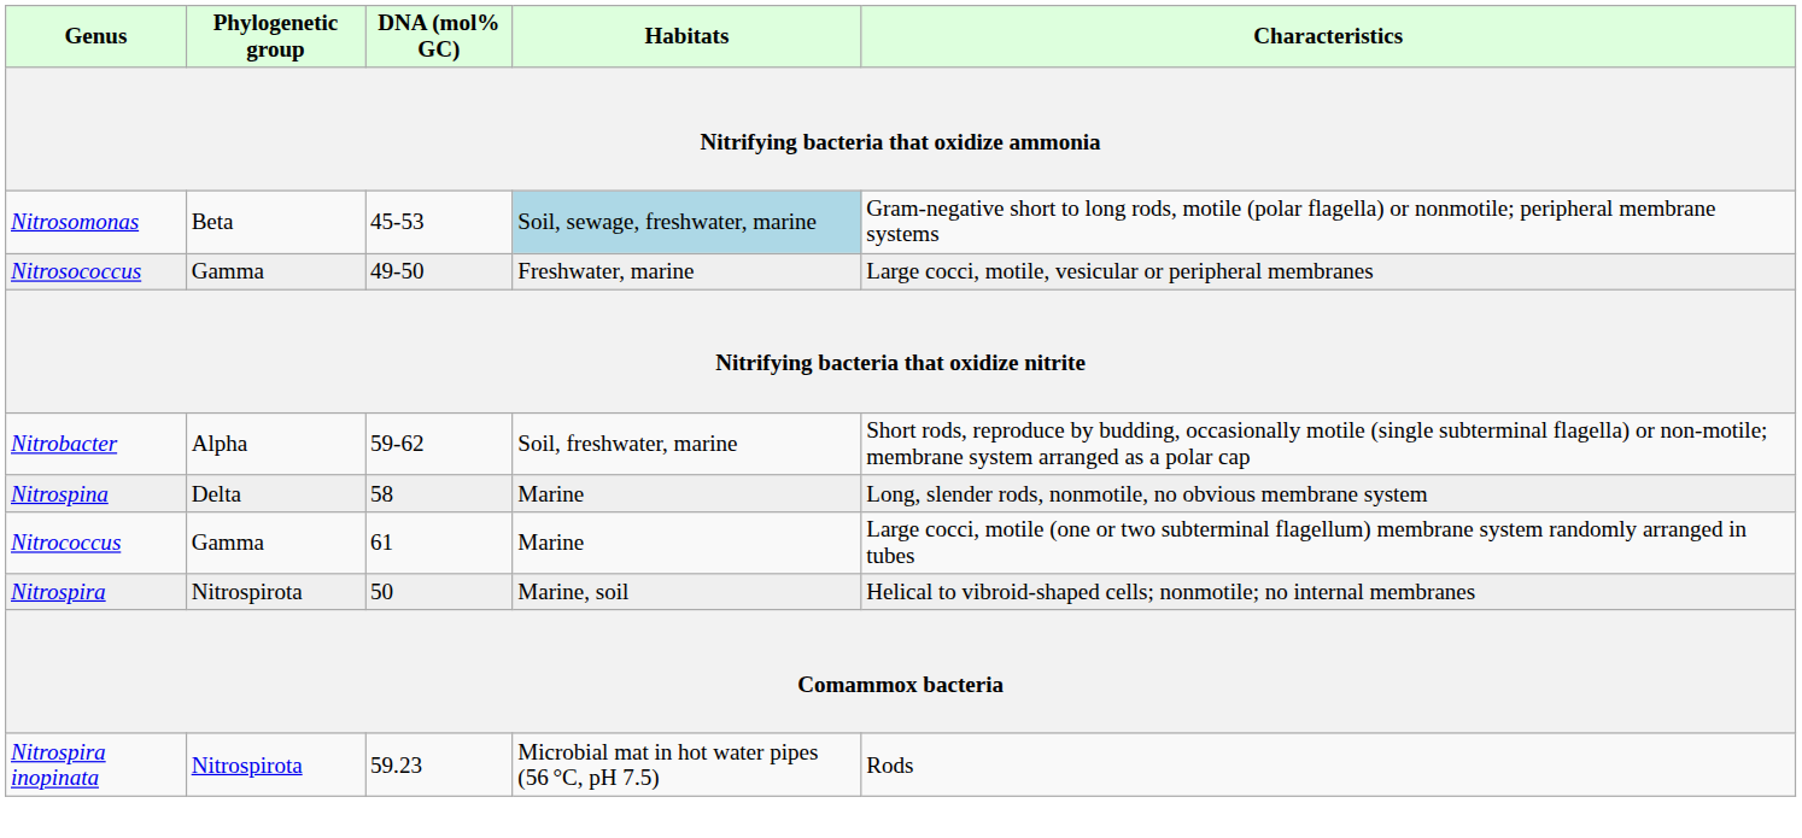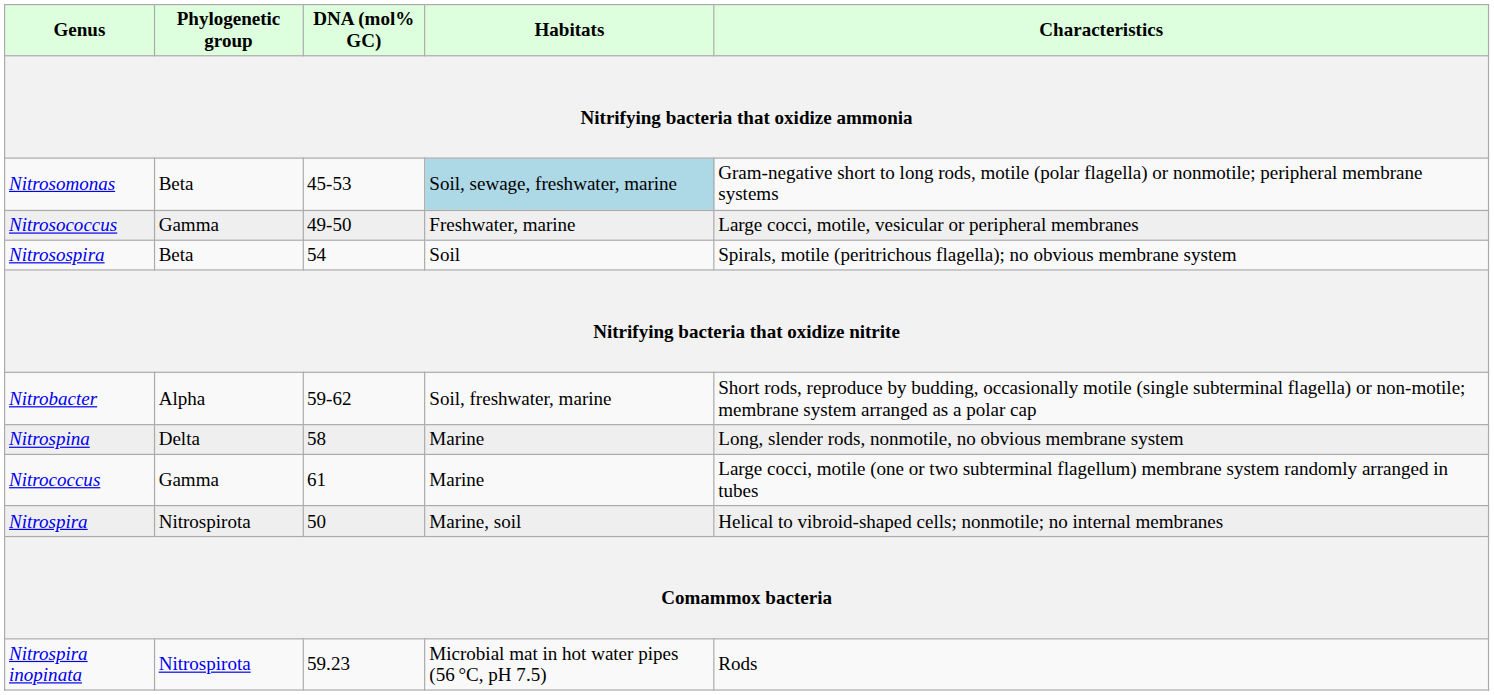 <table class="wikitable">
 <tr>
 <th style="background: #ddffdd;">Genus</th>
 <th style="background: #ddffdd;">Phylogenetic group</th>
 <th style="background: #ddffdd;">DNA (mol% GC)</th>
 <th style="background: #ddffdd;">Habitats</th>
 <th style="background: #ddffdd;">Characteristics</th>
 </tr>
 <tr>
 <th colspan=5><br><h4>Nitrifying bacteria that oxidize ammonia </h4></th>
 </tr>
 <tr>
 <td><em><a href='#'>Nitrosomonas</a></em></td>
 <td>Beta</td>
 <td>45-53</td>
 <td style="background: lightblue;">Soil, sewage, freshwater, marine</td>
 <td>Gram-negative short to long rods, motile (polar flagella) or nonmotile; peripheral membrane systems</td>
 </tr>
 <tr bgcolor="#EFEFEF">
 <td><em><a href='#'>Nitrosococcus</a></em></td>
 <td>Gamma</td>
 <td>49-50</td>
 <td>Freshwater, marine</td>
 <td>Large cocci, motile, vesicular or peripheral membranes</td>
+</tr>
+<tr>
+<td><em><a href='#'>Nitrosospira</a></em></td>
+<td>Beta</td>
+<td>54</td>
+<td>Soil</td>
+<td>Spirals, motile (peritrichous flagella); no obvious membrane system</td>
 </tr>
 <tr>
 <th colspan=5><br><h4>Nitrifying bacteria that oxidize nitrite </h4></th>
 </tr>
 <tr>
 <td><em><a href='#'>Nitrobacter</a></em></td>
 <td>Alpha</td>
 <td>59-62</td>
 <td>Soil, freshwater, marine</td>
 <td>Short rods, reproduce by budding, occasionally motile (single subterminal flagella) or non-motile; membrane system arranged as a polar cap</td>
 </tr>
 <tr bgcolor="#EFEFEF">
 <td><em><a href='#'>Nitrospina</a></em></td>
 <td>Delta</td>
 <td>58</td>
 <td>Marine</td>
 <td>Long, slender rods, nonmotile, no obvious membrane system</td>
 </tr>
 <tr>
 <td><em><a href='#'>Nitrococcus</a></em></td>
 <td>Gamma</td>
 <td>61</td>
 <td>Marine</td>
 <td>Large cocci, motile (one or two subterminal flagellum) membrane system randomly arranged in tubes</td>
 </tr>
 <tr bgcolor="#EFEFEF">
 <td><em><a href='#'>Nitrospira</a></em></td>
 <td>Nitrospirota</td>
 <td>50</td>
 <td>Marine, soil</td>
 <td>Helical to vibroid-shaped cells; nonmotile; no internal membranes</td>
 </tr>
 <tr>
 <th colspan=5><br><h4>Comammox bacteria</h4></th>
 </tr>
 <tr>
 <td><em><a href='#'>Nitrospira inopinata</a></em></td>
 <td><a href='#'>Nitrospirota</a></td>
 <td>59.23</td>
 <td>Microbial mat in hot water pipes (56 °C, pH 7.5)</td>
 <td>Rods</td>
 </tr>
 </table>
